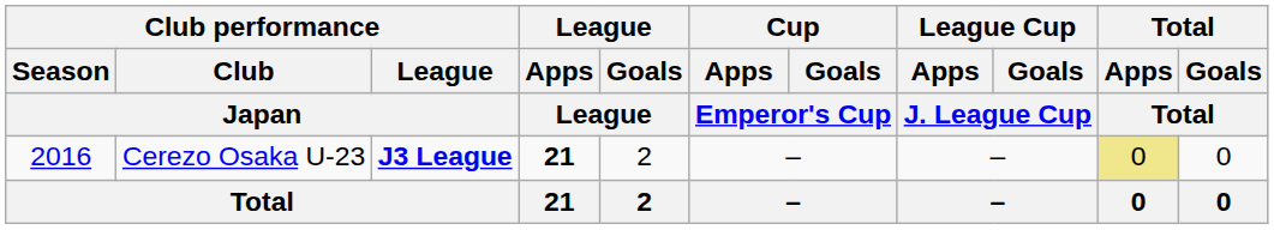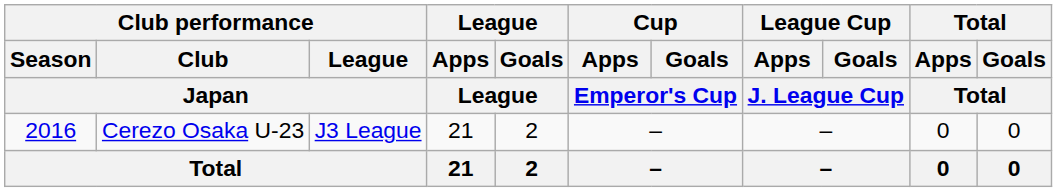 <table class="wikitable" style="text-align:center;">
 <tr>
 <th colspan=3>Club performance</th>
 <th colspan=2>League</th>
 <th colspan=2>Cup</th>
 <th colspan=2>League Cup</th>
 <th colspan=2>Total</th>
 </tr>
 <tr>
 <th>Season</th>
 <th>Club</th>
 <th>League</th>
 <th>Apps</th>
 <th>Goals</th>
 <th>Apps</th>
 <th>Goals</th>
 <th>Apps</th>
 <th>Goals</th>
 <th>Apps</th>
 <th>Goals</th>
 </tr>
 <tr>
 <th colspan=3>Japan</th>
 <th colspan=2>League</th>
 <th colspan=2><a href='#'>Emperor's Cup</a></th>
 <th colspan=2><a href='#'>J. League Cup</a></th>
 <th colspan=2>Total</th>
 </tr>
 <tr>
 <td><a href='#'>2016</a></td>
 <td><a href='#'>Cerezo Osaka</a> U-23</td>
-<td><strong><a href='#'>J3 League</a></strong></td>
-<td><strong>21</strong></td>
+<td><a href='#'>J3 League</a></td>
+<td>21</td>
 <td>2</td>
 <td colspan="2">–</td>
 <td colspan="2">–</td>
-<td style="background: khaki;">0</td>
+<td>0</td>
 <td>0</td>
 </tr>
 <tr>
 <th colspan=3>Total</th>
 <th>21</th>
 <th>2</th>
 <th colspan="2">–</th>
 <th colspan="2">–</th>
 <th>0</th>
 <th>0</th>
 </tr>
 </table>
